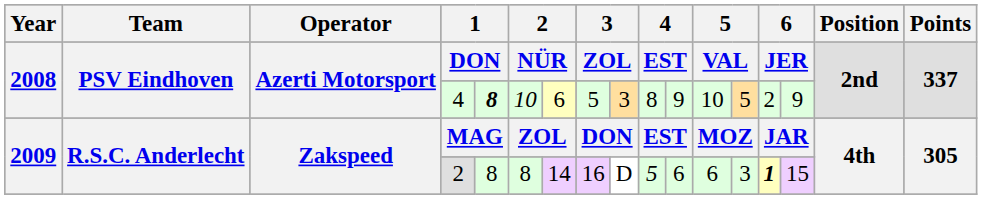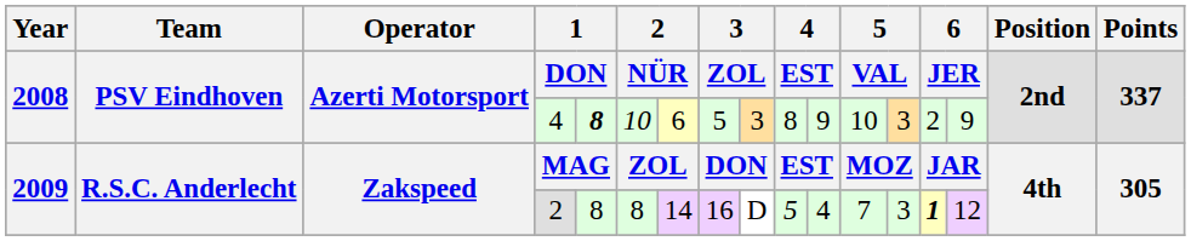 <table class="wikitable" style="text-align:center; font-size:85%">
 <tr>
 <th>Year</th>
 <th>Team</th>
 <th>Operator</th>
 <th colspan=2>1</th>
 <th colspan=2>2</th>
 <th colspan=2>3</th>
 <th colspan=2>4</th>
 <th colspan=2>5</th>
 <th colspan=2>6</th>
 <th>Position</th>
 <th>Points</th>
 </tr>
 <tr>
 <th rowspan=2><a href='#'>2008</a></th>
 <th rowspan=2 nowrap><a href='#'>PSV Eindhoven</a></th>
 <th rowspan=2 nowrap><a href='#'>Azerti Motorsport</a></th>
 <th colspan=2><a href='#'>DON</a></th>
 <th colspan=2><a href='#'>NÜR</a></th>
 <th colspan=2><a href='#'>ZOL</a></th>
 <th colspan=2><a href='#'>EST</a></th>
 <th colspan=2><a href='#'>VAL</a></th>
 <th colspan=2><a href='#'>JER</a></th>
 <td style="background:#dfdfdf;" rowspan=2><strong>2nd</strong></td>
 <td style="background:#dfdfdf;" rowspan=2><strong>337</strong></td>
 </tr>
 <tr>
 <td style="background:#dfffdf;">4</td>
 <td style="background:#dfffdf;"><strong><em> 8</em></strong></td>
 <td style="background:#dfffdf;"><em> 10</em></td>
 <td style="background:#ffffbf;">6</td>
 <td style="background:#dfffdf;">5</td>
 <td style="background:#ffdf9f;">3</td>
 <td style="background:#dfffdf;">8</td>
 <td style="background:#dfffdf;">9</td>
 <td style="background:#dfffdf;">10</td>
-<td style="background:#ffdf9f;">5</td>
+<td style="background:#ffdf9f;">3</td>
 <td style="background:#dfffdf;">2</td>
 <td style="background:#dfffdf;">9</td>
 </tr>
 <tr>
 <th rowspan=2><a href='#'>2009</a></th>
 <th rowspan=2 nowrap><a href='#'>R.S.C. Anderlecht</a></th>
 <th rowspan=2 nowrap><a href='#'>Zakspeed</a></th>
 <th colspan=2><a href='#'>MAG</a></th>
 <th colspan=2><a href='#'>ZOL</a></th>
 <th colspan=2><a href='#'>DON</a></th>
 <th colspan=2><a href='#'>EST</a></th>
 <th colspan=2><a href='#'>MOZ</a></th>
 <th colspan=2><a href='#'>JAR</a></th>
 <th rowspan=2>4th</th>
 <th rowspan=2>305</th>
 </tr>
 <tr>
 <td style="background:#dfdfdf;">2</td>
 <td style="background:#dfffdf;">8</td>
 <td style="background:#dfffdf;">8</td>
 <td style="background:#efcfff;">14</td>
 <td style="background:#efcfff;">16</td>
 <td style="background:#ffffff;">D</td>
 <td style="background:#dfffdf;"><em>5</em></td>
-<td style="background:#dfffdf;">6</td>
-<td style="background:#dfffdf;">6</td>
+<td style="background:#dfffdf;">4</td>
+<td style="background:#dfffdf;">7</td>
 <td style="background:#dfffdf;">3</td>
 <td style="background:#ffffbf;"><strong><em>1</em></strong></td>
-<td style="background:#efcfff;">15</td>
+<td style="background:#efcfff;">12</td>
 </tr>
 </table>
